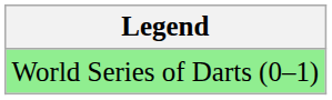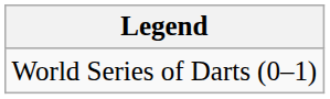 <table class="wikitable">
 <tr>
 <th>Legend</th>
 </tr>
 <tr>
-<td style="background: lightgreen;">World Series of Darts (0–1)</td>
+<td>World Series of Darts (0–1)</td>
 </tr>
 </table>
